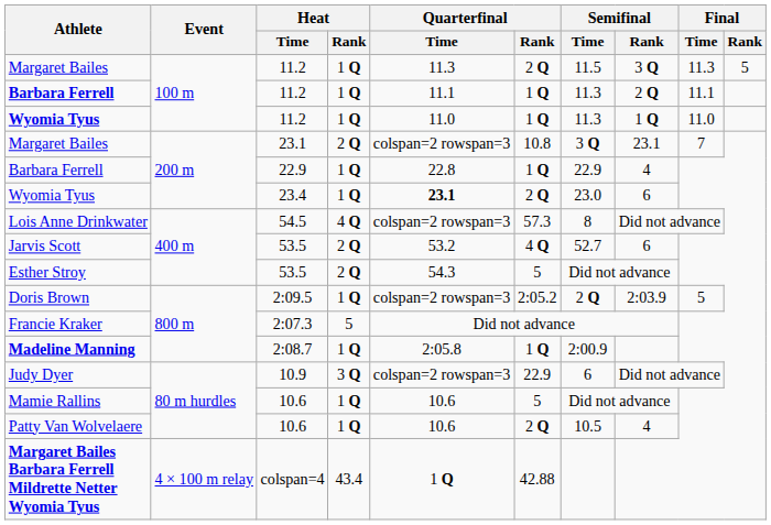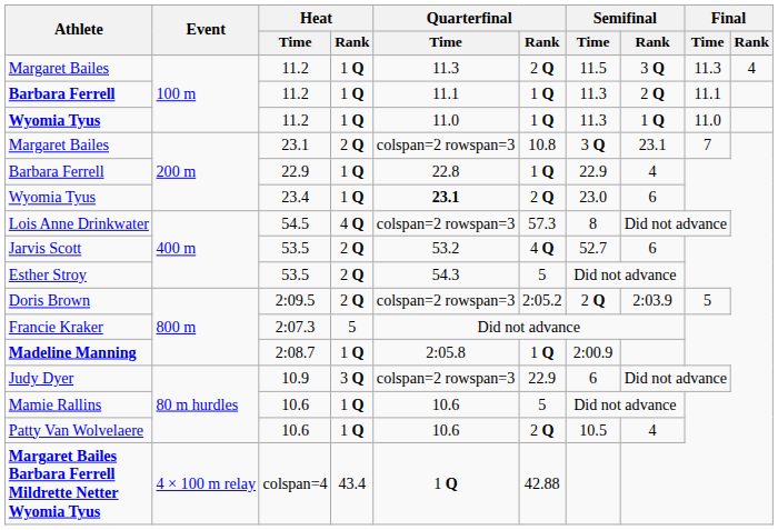 <table class=wikitable style=font-size:90%;text-align:center>
 <tr>
 <th rowspan=2>Athlete</th>
 <th rowspan=2>Event</th>
 <th colspan=2>Heat</th>
 <th colspan=2>Quarterfinal</th>
 <th colspan=2>Semifinal</th>
 <th colspan=2>Final</th>
 </tr>
 <tr style=font-size:95%>
 <th>Time</th>
 <th>Rank</th>
 <th>Time</th>
 <th>Rank</th>
 <th>Time</th>
 <th>Rank</th>
 <th>Time</th>
 <th>Rank</th>
 </tr>
 <tr>
 <td align=left><a href='#'>Margaret Bailes</a></td>
 <td align=left rowspan=3><a href='#'>100 m</a></td>
 <td>11.2</td>
 <td>1 <strong>Q</strong></td>
 <td>11.3</td>
 <td>2 <strong>Q</strong></td>
 <td>11.5</td>
 <td>3 <strong>Q</strong></td>
 <td>11.3</td>
-<td>5</td>
+<td>4</td>
 </tr>
 <tr>
 <td align=left><strong><a href='#'>Barbara Ferrell</a></strong></td>
 <td>11.2</td>
 <td>1 <strong>Q</strong></td>
 <td>11.1</td>
 <td>1 <strong>Q</strong></td>
 <td>11.3</td>
 <td>2 <strong>Q</strong></td>
 <td>11.1</td>
 <td></td>
 </tr>
 <tr>
 <td align=left><strong><a href='#'>Wyomia Tyus</a></strong></td>
 <td>11.2</td>
 <td>1 <strong>Q</strong></td>
 <td>11.0</td>
 <td>1 <strong>Q</strong></td>
 <td>11.3</td>
 <td>1 <strong>Q</strong></td>
 <td>11.0 </td>
 <td></td>
 </tr>
 <tr>
 <td align=left><a href='#'>Margaret Bailes</a></td>
 <td align=left rowspan=3><a href='#'>200 m</a></td>
 <td>23.1</td>
 <td>2 <strong>Q</strong></td>
 <td>colspan=2 rowspan=3 </td>
 <td>10.8</td>
 <td>3 <strong>Q</strong></td>
 <td>23.1</td>
 <td>7</td>
 </tr>
 <tr>
 <td align=left><a href='#'>Barbara Ferrell</a></td>
 <td>22.9</td>
 <td>1 <strong>Q</strong></td>
 <td>22.8 </td>
 <td>1 <strong>Q</strong></td>
 <td>22.9</td>
 <td>4</td>
 </tr>
 <tr>
 <td align=left><a href='#'>Wyomia Tyus</a></td>
 <td>23.4</td>
 <td>1 <strong>Q</strong></td>
 <td><strong>23.1</strong></td>
 <td>2 <strong>Q</strong></td>
 <td>23.0</td>
 <td>6</td>
 </tr>
 <tr>
 <td align=left><a href='#'>Lois Anne Drinkwater</a></td>
 <td align=left rowspan=3><a href='#'>400 m</a></td>
 <td>54.5</td>
 <td>4 <strong>Q</strong></td>
 <td>colspan=2 rowspan=3 </td>
 <td>57.3</td>
 <td>8</td>
 <td colspan=2>Did not advance</td>
 </tr>
 <tr>
 <td align=left><a href='#'>Jarvis Scott</a></td>
 <td>53.5</td>
 <td>2 <strong>Q</strong></td>
 <td>53.2</td>
 <td>4 <strong>Q</strong></td>
 <td>52.7</td>
 <td>6</td>
 </tr>
 <tr>
 <td align=left><a href='#'>Esther Stroy</a></td>
 <td>53.5</td>
 <td>2 <strong>Q</strong></td>
 <td>54.3</td>
 <td>5</td>
 <td colspan=2>Did not advance</td>
 </tr>
 <tr>
 <td align=left><a href='#'>Doris Brown</a></td>
 <td align=left rowspan=3><a href='#'>800 m</a></td>
 <td>2:09.5</td>
-<td>1 <strong>Q</strong></td>
+<td>2 <strong>Q</strong></td>
 <td>colspan=2 rowspan=3 </td>
 <td>2:05.2</td>
 <td>2 <strong>Q</strong></td>
 <td>2:03.9</td>
 <td>5</td>
 </tr>
 <tr>
 <td align=left><a href='#'>Francie Kraker</a></td>
 <td>2:07.3</td>
 <td>5</td>
 <td colspan=4>Did not advance</td>
 </tr>
 <tr>
 <td align=left><strong><a href='#'>Madeline Manning</a></strong></td>
 <td>2:08.7</td>
 <td>1 <strong>Q</strong></td>
 <td>2:05.8</td>
 <td>1 <strong>Q</strong></td>
 <td>2:00.9 </td>
 <td></td>
 </tr>
 <tr>
 <td align=left><a href='#'>Judy Dyer</a></td>
 <td align=left rowspan=3><a href='#'>80 m hurdles</a></td>
 <td>10.9</td>
 <td>3 <strong>Q</strong></td>
 <td>colspan=2 rowspan=3 </td>
 <td>22.9</td>
 <td>6</td>
 <td colspan=2>Did not advance</td>
 </tr>
 <tr>
 <td align=left><a href='#'>Mamie Rallins</a></td>
 <td>10.6</td>
 <td>1 <strong>Q</strong></td>
 <td>10.6</td>
 <td>5</td>
 <td colspan=2>Did not advance</td>
 </tr>
 <tr>
 <td align=left><a href='#'>Patty Van Wolvelaere</a></td>
 <td>10.6</td>
 <td>1 <strong>Q</strong></td>
 <td>10.6</td>
 <td>2 <strong>Q</strong></td>
 <td>10.5</td>
 <td>4</td>
 </tr>
 <tr>
 <td align=left><strong><a href='#'>Margaret Bailes</a><br><a href='#'>Barbara Ferrell</a><br><a href='#'>Mildrette Netter</a><br><a href='#'>Wyomia Tyus</a></strong></td>
 <td align=left><a href='#'>4 × 100 m relay</a></td>
 <td>colspan=4 </td>
 <td>43.4</td>
 <td>1 <strong>Q</strong></td>
 <td>42.88 </td>
 <td></td>
 </tr>
 </table>
